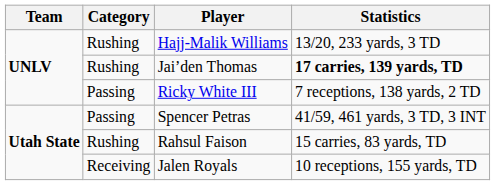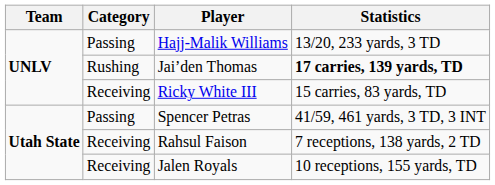 <table class="wikitable" style="float: right;">
 <tr>
 <th>Team</th>
 <th>Category</th>
 <th>Player</th>
 <th>Statistics</th>
 </tr>
 <tr>
 <td rowspan=3><strong>UNLV</strong></td>
-<td>Rushing</td>
+<td>Passing</td>
 <td><a href='#'>Hajj-Malik Williams</a></td>
 <td>13/20, 233 yards, 3 TD</td>
 </tr>
 <tr>
 <td>Rushing</td>
 <td>Jai’den Thomas</td>
 <td><strong>17 carries, 139 yards, TD</strong></td>
 </tr>
 <tr>
-<td>Passing</td>
+<td>Receiving</td>
 <td><a href='#'>Ricky White III</a></td>
-<td>7 receptions, 138 yards, 2 TD</td>
+<td>15 carries, 83 yards, TD</td>
 </tr>
 <tr>
 <td rowspan=3><strong>Utah State</strong></td>
 <td>Passing</td>
 <td>Spencer Petras</td>
 <td>41/59, 461 yards, 3 TD, 3 INT</td>
 </tr>
 <tr>
-<td>Rushing</td>
+<td>Receiving</td>
 <td>Rahsul Faison</td>
-<td>15 carries, 83 yards, TD</td>
+<td>7 receptions, 138 yards, 2 TD</td>
 </tr>
 <tr>
 <td>Receiving</td>
 <td>Jalen Royals</td>
 <td>10 receptions, 155 yards, TD</td>
 </tr>
 </table>
